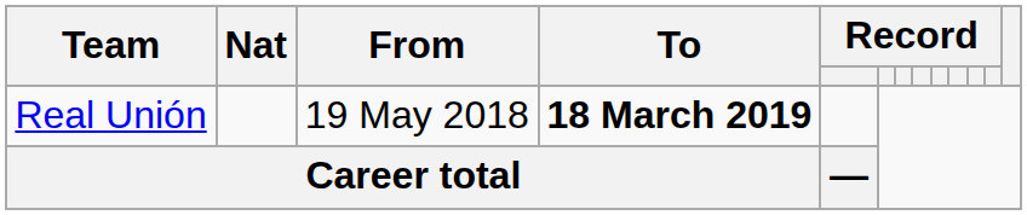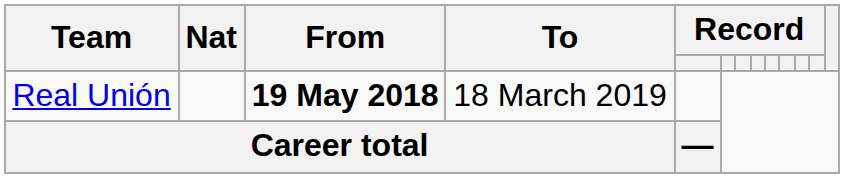 <table class="wikitable" style="text-align: center">
 <tr>
 <th rowspan="2">Team</th>
 <th rowspan="2">Nat</th>
 <th rowspan="2">From</th>
 <th rowspan="2">To</th>
 <th colspan="8">Record</th>
 <th rowspan=2></th>
 </tr>
 <tr>
 <th></th>
 <th></th>
 <th></th>
 <th></th>
 <th></th>
 <th></th>
 <th></th>
 <th></th>
 </tr>
 <tr>
 <td align="left"><a href='#'>Real Unión</a></td>
 <td></td>
-<td align=left>19 May 2018</td>
-<td align=left><strong>18 March 2019<br></strong></td>
+<td align=left><strong>19 May 2018</strong></td>
+<td align=left>18 March 2019<br></td>
 <td></td>
 </tr>
 <tr>
 <th colspan=4>Career total<br></th>
 <th>—</th>
 </tr>
 </table>
